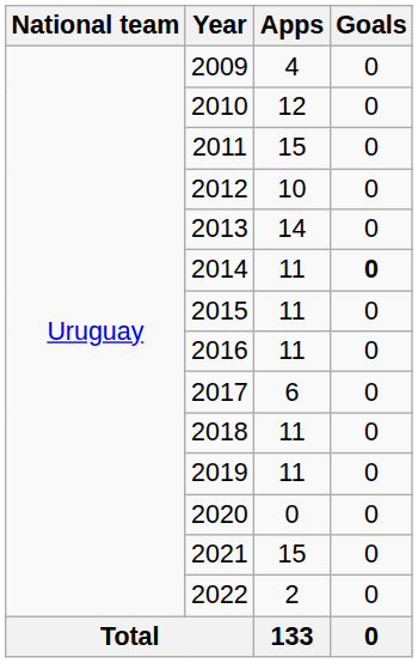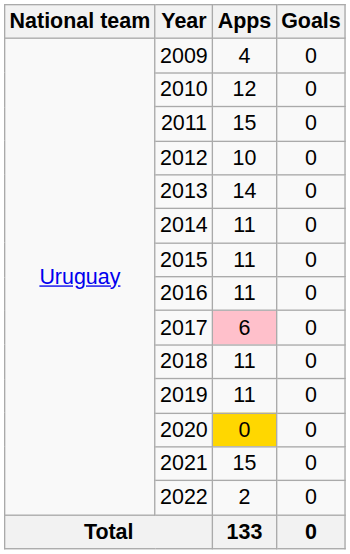 <table class="wikitable" style="text-align:center">
 <tr>
 <th>National team</th>
 <th>Year</th>
 <th>Apps</th>
 <th>Goals</th>
 </tr>
 <tr>
 <td rowspan="14"><a href='#'>Uruguay</a></td>
 <td>2009</td>
 <td>4</td>
 <td>0</td>
 </tr>
 <tr>
 <td>2010</td>
 <td>12</td>
 <td>0</td>
 </tr>
 <tr>
 <td>2011</td>
 <td>15</td>
 <td>0</td>
 </tr>
 <tr>
 <td>2012</td>
 <td>10</td>
 <td>0</td>
 </tr>
 <tr>
 <td>2013</td>
 <td>14</td>
 <td>0</td>
 </tr>
 <tr>
 <td>2014</td>
 <td>11</td>
-<td><strong>0</strong></td>
+<td>0</td>
 </tr>
 <tr>
 <td>2015</td>
 <td>11</td>
 <td>0</td>
 </tr>
 <tr>
 <td>2016</td>
 <td>11</td>
 <td>0</td>
 </tr>
 <tr>
 <td>2017</td>
-<td>6</td>
+<td style="background: pink;">6</td>
 <td>0</td>
 </tr>
 <tr>
 <td>2018</td>
 <td>11</td>
 <td>0</td>
 </tr>
 <tr>
 <td>2019</td>
 <td>11</td>
 <td>0</td>
 </tr>
 <tr>
 <td>2020</td>
-<td>0</td>
+<td style="background: gold;">0</td>
 <td>0</td>
 </tr>
 <tr>
 <td>2021</td>
 <td>15</td>
 <td>0</td>
 </tr>
 <tr>
 <td>2022</td>
 <td>2</td>
 <td>0</td>
 </tr>
 <tr>
 <th colspan="2">Total</th>
 <th>133</th>
 <th>0</th>
 </tr>
 </table>
